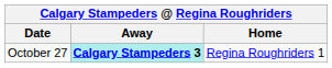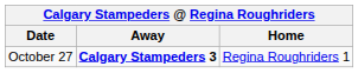 <table class="wikitable">
 <tr>
 <th colspan=4><a href='#'>Calgary Stampeders</a> @ <a href='#'>Regina Roughriders</a></th>
 </tr>
 <tr>
 <th>Date</th>
 <th>Away</th>
 <th>Home</th>
 </tr>
 <tr>
 <td>October 27</td>
-<td style="background: paleturquoise;"><strong><a href='#'>Calgary Stampeders</a> 3</strong></td>
+<td><strong><a href='#'>Calgary Stampeders</a> 3</strong></td>
 <td><a href='#'>Regina Roughriders</a> 1</td>
 </tr>
 </table>
